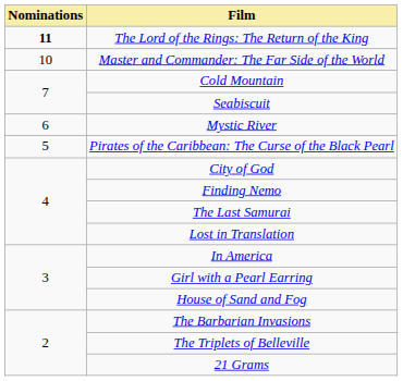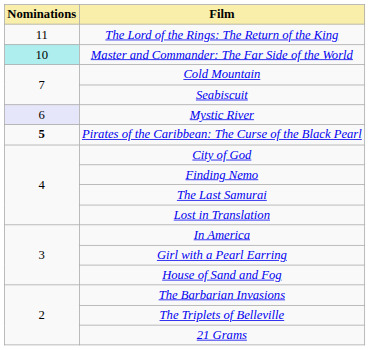 <table class="wikitable plainrowheaders" style="text-align: center;">
 <tr>
 <th style="background-color:#F9EFAA;">Nominations</th>
 <th style="background-color:#F9EFAA;">Film</th>
 </tr>
 <tr>
-<td><strong>11</strong></td>
+<td>11</td>
 <td><em><a href='#'>The Lord of the Rings: The Return of the King</a></em></td>
 </tr>
 <tr>
-<td>10</td>
+<td style="background: paleturquoise;">10</td>
 <td><em><a href='#'>Master and Commander: The Far Side of the World</a></em></td>
 </tr>
 <tr>
 <td rowspan=2>7</td>
 <td><em><a href='#'>Cold Mountain</a></em></td>
 </tr>
 <tr>
 <td><em><a href='#'>Seabiscuit</a></em></td>
 </tr>
 <tr>
-<td>6</td>
+<td style="background: lavender;">6</td>
 <td><em><a href='#'>Mystic River</a></em></td>
 </tr>
 <tr>
-<td>5</td>
+<td><strong>5</strong></td>
 <td><em><a href='#'>Pirates of the Caribbean: The Curse of the Black Pearl</a></em></td>
 </tr>
 <tr>
 <td rowspan=4>4</td>
 <td><em><a href='#'>City of God</a></em></td>
 </tr>
 <tr>
 <td><em><a href='#'>Finding Nemo</a></em></td>
 </tr>
 <tr>
 <td><em><a href='#'>The Last Samurai</a></em></td>
 </tr>
 <tr>
 <td><em><a href='#'>Lost in Translation</a></em></td>
 </tr>
 <tr>
 <td rowspan=3>3</td>
 <td><em><a href='#'>In America</a></em></td>
 </tr>
 <tr>
 <td><em><a href='#'>Girl with a Pearl Earring</a></em></td>
 </tr>
 <tr>
 <td><em><a href='#'>House of Sand and Fog</a></em></td>
 </tr>
 <tr>
 <td rowspan=3>2</td>
 <td><em><a href='#'>The Barbarian Invasions</a></em></td>
 </tr>
 <tr>
 <td><em><a href='#'>The Triplets of Belleville</a></em></td>
 </tr>
 <tr>
 <td><em><a href='#'>21 Grams</a></em></td>
 </tr>
 </table>
